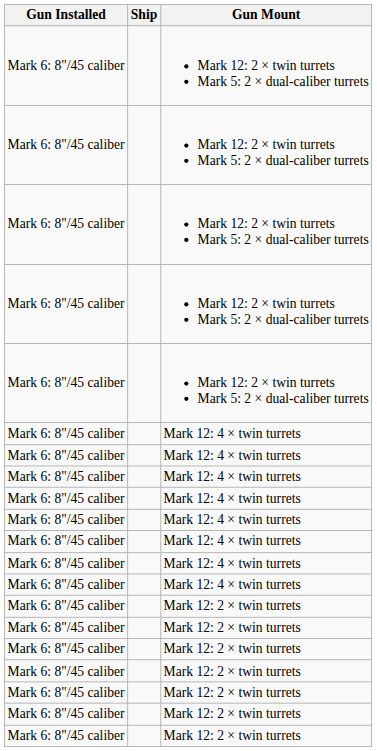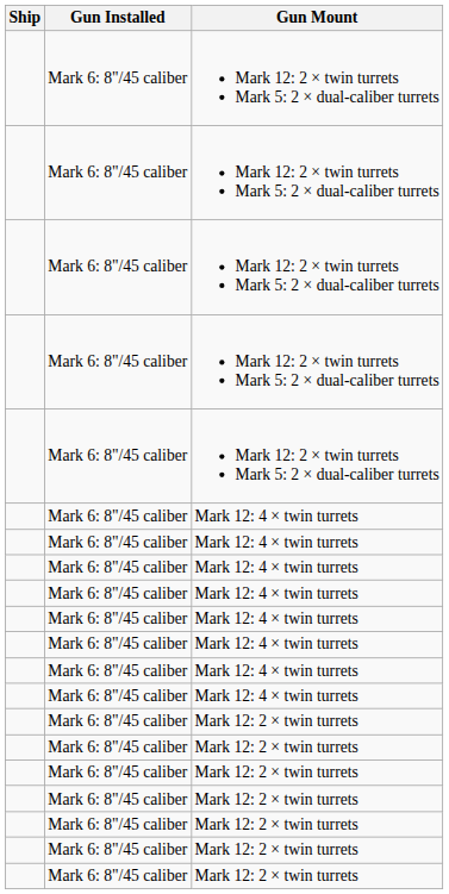 <table class="wikitable">
 <tr>
+<th>Ship</th>
 <th>Gun Installed</th>
-<th>Ship</th>
 <th>Gun Mount</th>
 </tr>
 <tr>
+<td></td>
 <td>Mark 6: 8"/45 caliber</td>
-<td></td>
 <td><br><ul><li>Mark 12: 2 × twin turrets</li><li>Mark 5: 2 × dual-caliber turrets</li></ul></td>
 </tr>
 <tr>
+<td></td>
 <td>Mark 6: 8"/45 caliber</td>
-<td></td>
 <td><br><ul><li>Mark 12: 2 × twin turrets</li><li>Mark 5: 2 × dual-caliber turrets</li></ul></td>
 </tr>
 <tr>
+<td></td>
 <td>Mark 6: 8"/45 caliber</td>
-<td></td>
 <td><br><ul><li>Mark 12: 2 × twin turrets</li><li>Mark 5: 2 × dual-caliber turrets</li></ul></td>
 </tr>
 <tr>
+<td></td>
 <td>Mark 6: 8"/45 caliber</td>
-<td></td>
 <td><br><ul><li>Mark 12: 2 × twin turrets</li><li>Mark 5: 2 × dual-caliber turrets</li></ul></td>
 </tr>
 <tr>
+<td></td>
 <td>Mark 6: 8"/45 caliber</td>
-<td></td>
 <td><br><ul><li>Mark 12: 2 × twin turrets</li><li>Mark 5: 2 × dual-caliber turrets</li></ul></td>
 </tr>
 <tr>
+<td></td>
 <td>Mark 6: 8"/45 caliber</td>
-<td></td>
 <td>Mark 12: 4 × twin turrets</td>
 </tr>
 <tr>
+<td></td>
 <td>Mark 6: 8"/45 caliber</td>
-<td></td>
 <td>Mark 12: 4 × twin turrets</td>
 </tr>
 <tr>
+<td></td>
 <td>Mark 6: 8"/45 caliber</td>
-<td></td>
 <td>Mark 12: 4 × twin turrets</td>
 </tr>
 <tr>
+<td></td>
 <td>Mark 6: 8"/45 caliber</td>
-<td></td>
 <td>Mark 12: 4 × twin turrets</td>
 </tr>
 <tr>
+<td></td>
 <td>Mark 6: 8"/45 caliber</td>
-<td></td>
 <td>Mark 12: 4 × twin turrets</td>
 </tr>
 <tr>
+<td></td>
 <td>Mark 6: 8"/45 caliber</td>
-<td></td>
 <td>Mark 12: 4 × twin turrets</td>
 </tr>
 <tr>
+<td></td>
 <td>Mark 6: 8"/45 caliber</td>
-<td></td>
 <td>Mark 12: 4 × twin turrets</td>
 </tr>
 <tr>
+<td></td>
 <td>Mark 6: 8"/45 caliber</td>
-<td></td>
 <td>Mark 12: 4 × twin turrets</td>
 </tr>
 <tr>
+<td></td>
 <td>Mark 6: 8"/45 caliber</td>
-<td></td>
 <td>Mark 12: 2 × twin turrets</td>
 </tr>
 <tr>
+<td></td>
 <td>Mark 6: 8"/45 caliber</td>
-<td></td>
 <td>Mark 12: 2 × twin turrets</td>
 </tr>
 <tr>
+<td></td>
 <td>Mark 6: 8"/45 caliber</td>
-<td></td>
 <td>Mark 12: 2 × twin turrets</td>
 </tr>
 <tr>
+<td></td>
 <td>Mark 6: 8"/45 caliber</td>
-<td></td>
 <td>Mark 12: 2 × twin turrets</td>
 </tr>
 <tr>
+<td></td>
 <td>Mark 6: 8"/45 caliber</td>
-<td></td>
 <td>Mark 12: 2 × twin turrets</td>
 </tr>
 <tr>
+<td></td>
 <td>Mark 6: 8"/45 caliber</td>
-<td></td>
 <td>Mark 12: 2 × twin turrets</td>
 </tr>
 <tr>
+<td></td>
 <td>Mark 6: 8"/45 caliber</td>
-<td></td>
 <td>Mark 12: 2 × twin turrets</td>
 </tr>
 </table>
